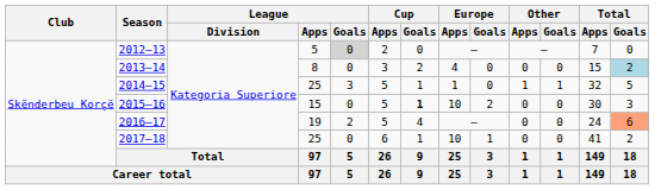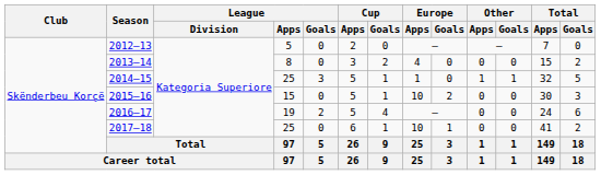 <table class="wikitable" style="text-align:center">
 <tr>
 <th rowspan="2">Club</th>
 <th rowspan="2">Season</th>
 <th colspan="3">League</th>
 <th colspan="2">Cup</th>
 <th colspan="2">Europe</th>
 <th colspan="2">Other</th>
 <th colspan="2">Total</th>
 </tr>
 <tr>
 <th>Division</th>
 <th>Apps</th>
 <th>Goals</th>
 <th>Apps</th>
 <th>Goals</th>
 <th>Apps</th>
 <th>Goals</th>
 <th>Apps</th>
 <th>Goals</th>
 <th>Apps</th>
 <th>Goals</th>
 </tr>
 <tr>
 <td rowspan="7"><a href='#'>Skënderbeu Korçë</a></td>
 <td><a href='#'>2012–13</a></td>
 <td rowspan="6"><a href='#'>Kategoria Superiore</a></td>
 <td>5</td>
-<td style="background: lightgrey;">0</td>
+<td>0</td>
 <td>2</td>
 <td>0</td>
 <td colspan="2">—</td>
 <td colspan="2">—</td>
 <td>7</td>
 <td>0</td>
 </tr>
 <tr>
 <td><a href='#'>2013–14</a></td>
 <td>8</td>
 <td>0</td>
 <td>3</td>
 <td>2</td>
 <td>4</td>
 <td>0</td>
 <td>0</td>
 <td>0</td>
 <td>15</td>
-<td style="background: lightblue;">2</td>
+<td>2</td>
 </tr>
 <tr>
 <td><a href='#'>2014–15</a></td>
 <td>25</td>
 <td>3</td>
 <td>5</td>
 <td>1</td>
 <td>1</td>
 <td>0</td>
 <td>1</td>
 <td>1</td>
 <td>32</td>
 <td>5</td>
 </tr>
 <tr>
 <td><a href='#'>2015–16</a></td>
 <td>15</td>
 <td>0</td>
 <td>5</td>
-<td><strong>1</strong></td>
+<td>1</td>
 <td>10</td>
 <td>2</td>
 <td>0</td>
 <td>0</td>
 <td>30</td>
 <td>3</td>
 </tr>
 <tr>
 <td><a href='#'>2016–17</a></td>
 <td>19</td>
 <td>2</td>
 <td>5</td>
 <td>4</td>
 <td colspan="2">—</td>
 <td>0</td>
 <td>0</td>
 <td>24</td>
-<td style="background: lightsalmon;">6</td>
+<td>6</td>
 </tr>
 <tr>
 <td><a href='#'>2017–18</a></td>
 <td>25</td>
 <td>0</td>
 <td>6</td>
 <td>1</td>
 <td>10</td>
 <td>1</td>
 <td>0</td>
 <td>0</td>
 <td>41</td>
 <td>2</td>
 </tr>
 <tr>
 <th colspan="2">Total</th>
 <th>97</th>
 <th>5</th>
 <th>26</th>
 <th>9</th>
 <th>25</th>
 <th>3</th>
 <th>1</th>
 <th>1</th>
 <th>149</th>
 <th>18</th>
 </tr>
 <tr>
 <th colspan="3">Career total</th>
 <th>97</th>
 <th>5</th>
 <th>26</th>
 <th>9</th>
 <th>25</th>
 <th>3</th>
 <th>1</th>
 <th>1</th>
 <th>149</th>
 <th>18</th>
 </tr>
 </table>
